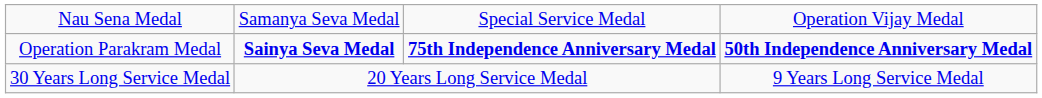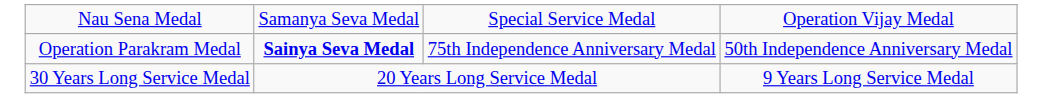 <table class="wikitable" style="margin:1em auto; text-align:center;">
 <tr>
 <td><a href='#'>Nau Sena Medal</a></td>
 <td><a href='#'>Samanya Seva Medal</a></td>
 <td><a href='#'>Special Service Medal</a></td>
 <td><a href='#'>Operation Vijay Medal</a></td>
 </tr>
 <tr>
 <td><a href='#'>Operation Parakram Medal</a></td>
 <td><strong><a href='#'>Sainya Seva Medal</a></strong></td>
-<td><strong><a href='#'>75th Independence Anniversary Medal</a></strong></td>
-<td><strong><a href='#'>50th Independence Anniversary Medal</a></strong></td>
+<td><a href='#'>75th Independence Anniversary Medal</a></td>
+<td><a href='#'>50th Independence Anniversary Medal</a></td>
 </tr>
 <tr>
 <td><a href='#'>30 Years Long Service Medal</a></td>
 <td colspan=2><a href='#'>20 Years Long Service Medal</a></td>
 <td><a href='#'>9 Years Long Service Medal</a></td>
 </tr>
 </table>
